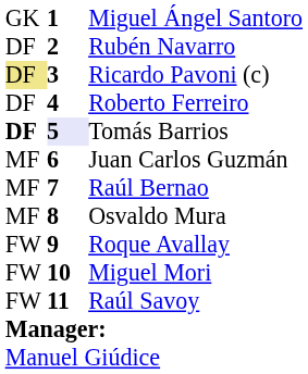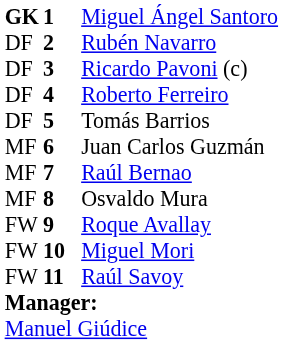 <table style="font-size:90%; margin:0.2em auto;" cellspacing="0" cellpadding="0">
 <tr>
 <th width="25"></th>
 <th width="25"></th>
 </tr>
 <tr>
-<td>GK</td>
+<td><strong>GK</strong></td>
 <td><strong>1</strong></td>
 <td> <a href='#'>Miguel Ángel Santoro</a></td>
 </tr>
 <tr>
 <td>DF</td>
 <td><strong>2</strong></td>
 <td> <a href='#'>Rubén Navarro</a></td>
 </tr>
 <tr>
-<td style="background: khaki;">DF</td>
+<td>DF</td>
 <td><strong>3</strong></td>
 <td> <a href='#'>Ricardo Pavoni</a> (c)</td>
 </tr>
 <tr>
 <td>DF</td>
 <td><strong>4</strong></td>
 <td> <a href='#'>Roberto Ferreiro</a></td>
 </tr>
 <tr>
-<td><strong>DF</strong></td>
-<td style="background: lavender;"><strong>5</strong></td>
+<td>DF</td>
+<td><strong>5</strong></td>
 <td> Tomás Barrios</td>
 </tr>
 <tr>
 <td>MF</td>
 <td><strong>6</strong></td>
 <td> Juan Carlos Guzmán</td>
 </tr>
 <tr>
 <td>MF</td>
 <td><strong>7</strong></td>
 <td> <a href='#'>Raúl Bernao</a></td>
 </tr>
 <tr>
 <td>MF</td>
 <td><strong>8</strong></td>
 <td> Osvaldo Mura</td>
 </tr>
 <tr>
 <td>FW</td>
 <td><strong>9</strong></td>
 <td> <a href='#'>Roque Avallay</a></td>
 </tr>
 <tr>
 <td>FW</td>
 <td><strong>10</strong></td>
 <td> <a href='#'>Miguel Mori</a></td>
 </tr>
 <tr>
 <td>FW</td>
 <td><strong>11</strong></td>
 <td> <a href='#'>Raúl Savoy</a></td>
 </tr>
 <tr>
 <td colspan=3><strong>Manager:</strong></td>
 </tr>
 <tr>
 <td colspan=4> <a href='#'>Manuel Giúdice</a></td>
 </tr>
 </table>
